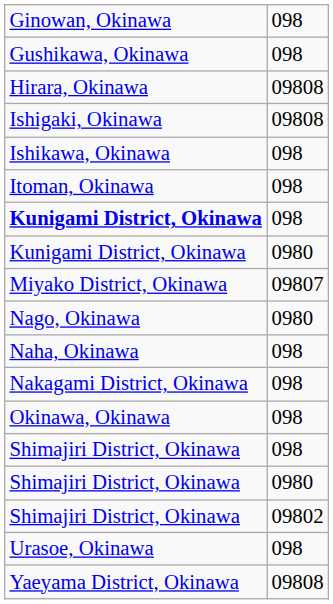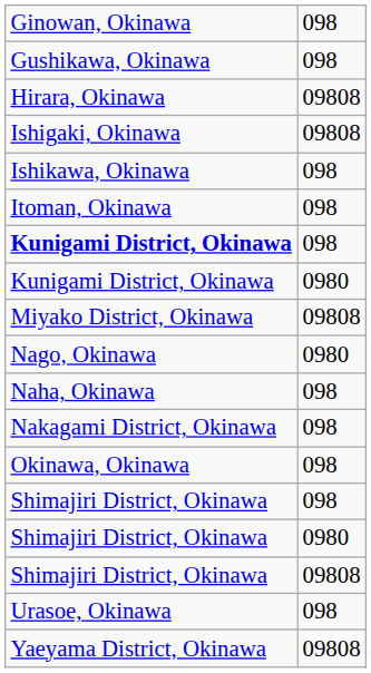 <table class="wikitable">
 <tr>
 <td><a href='#'>Ginowan, Okinawa</a></td>
 <td>098</td>
 </tr>
 <tr>
 <td><a href='#'>Gushikawa, Okinawa</a></td>
 <td>098</td>
 </tr>
 <tr>
 <td><a href='#'>Hirara, Okinawa</a></td>
 <td>09808</td>
 </tr>
 <tr>
 <td><a href='#'>Ishigaki, Okinawa</a></td>
 <td>09808</td>
 </tr>
 <tr>
 <td><a href='#'>Ishikawa, Okinawa</a></td>
 <td>098</td>
 </tr>
 <tr>
 <td><a href='#'>Itoman, Okinawa</a></td>
 <td>098</td>
 </tr>
 <tr>
 <td><strong><a href='#'>Kunigami District, Okinawa</a></strong></td>
 <td>098</td>
 </tr>
 <tr>
 <td><a href='#'>Kunigami District, Okinawa</a></td>
 <td>0980</td>
 </tr>
 <tr>
 <td><a href='#'>Miyako District, Okinawa</a></td>
-<td>09807</td>
+<td>09808</td>
 </tr>
 <tr>
 <td><a href='#'>Nago, Okinawa</a></td>
 <td>0980</td>
 </tr>
 <tr>
 <td><a href='#'>Naha, Okinawa</a></td>
 <td>098</td>
 </tr>
 <tr>
 <td><a href='#'>Nakagami District, Okinawa</a></td>
 <td>098</td>
 </tr>
 <tr>
 <td><a href='#'>Okinawa, Okinawa</a></td>
 <td>098</td>
 </tr>
 <tr>
 <td><a href='#'>Shimajiri District, Okinawa</a></td>
 <td>098</td>
 </tr>
 <tr>
 <td><a href='#'>Shimajiri District, Okinawa</a></td>
 <td>0980</td>
 </tr>
 <tr>
 <td><a href='#'>Shimajiri District, Okinawa</a></td>
-<td>09802</td>
+<td>09808</td>
 </tr>
 <tr>
 <td><a href='#'>Urasoe, Okinawa</a></td>
 <td>098</td>
 </tr>
 <tr>
 <td><a href='#'>Yaeyama District, Okinawa</a></td>
 <td>09808</td>
 </tr>
 </table>
